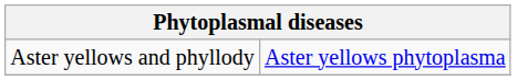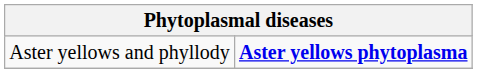 <table class="wikitable" style="clear:left">
 <tr>
 <th colspan=2><strong>Phytoplasmal diseases</strong><br></th>
 </tr>
 <tr>
 <td>Aster yellows and phyllody</td>
-<td><a href='#'>Aster yellows phytoplasma</a></td>
+<td><strong><a href='#'>Aster yellows phytoplasma</a></strong></td>
 </tr>
 <tr>
 </tr>
 </table>
